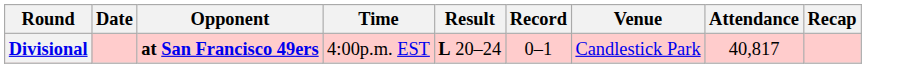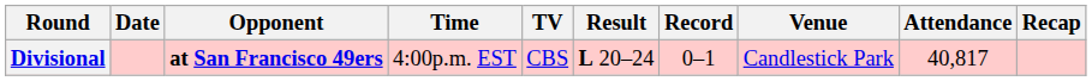 <table class="wikitable" style="text-align:center">
 <tr>
 <th>Round</th>
 <th>Date</th>
 <th>Opponent</th>
 <th>Time</th>
+<th>TV</th>
 <th>Result</th>
 <th>Record</th>
 <th>Venue</th>
 <th>Attendance</th>
 <th>Recap</th>
 </tr>
 <tr style="background:#fcc">
 <th><a href='#'>Divisional</a></th>
 <td></td>
 <td><strong>at <a href='#'>San Francisco 49ers</a></strong></td>
 <td>4:00p.m. <a href='#'>EST</a></td>
+<td><a href='#'>CBS</a></td>
 <td><strong>L</strong> 20–24</td>
 <td>0–1</td>
 <td><a href='#'>Candlestick Park</a></td>
 <td>40,817</td>
 <td></td>
 </tr>
 </table>
